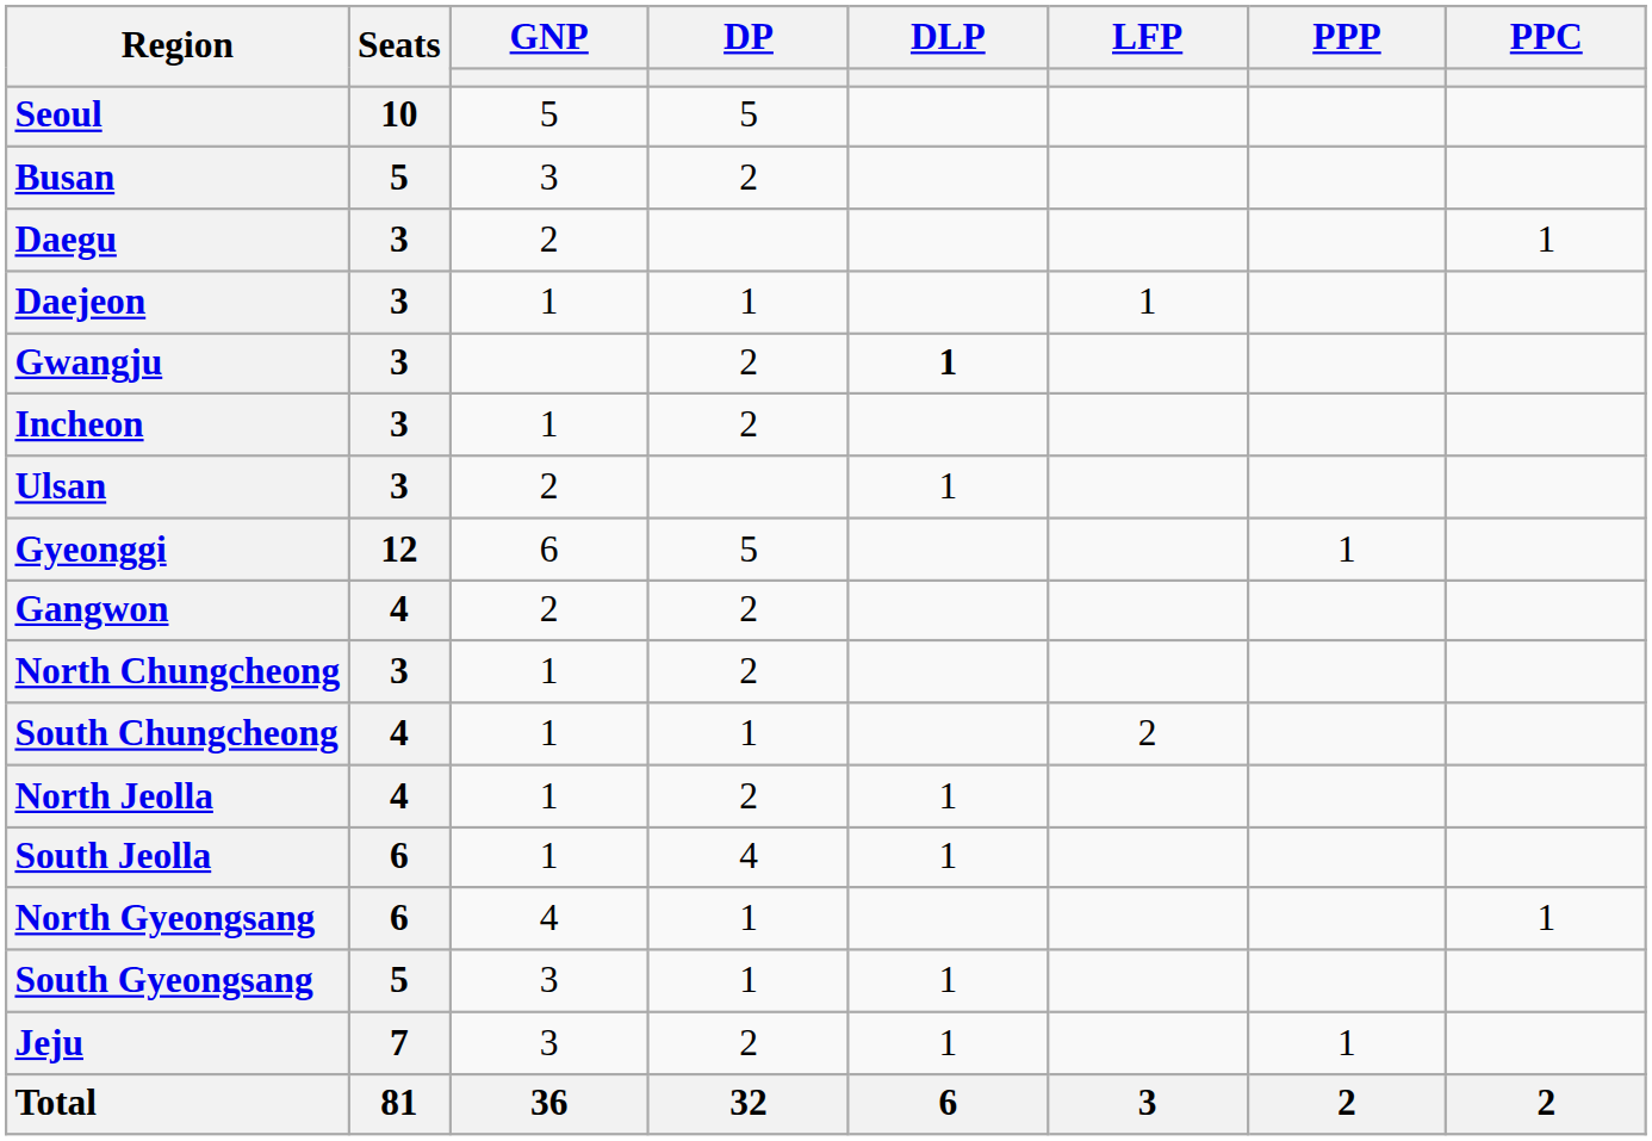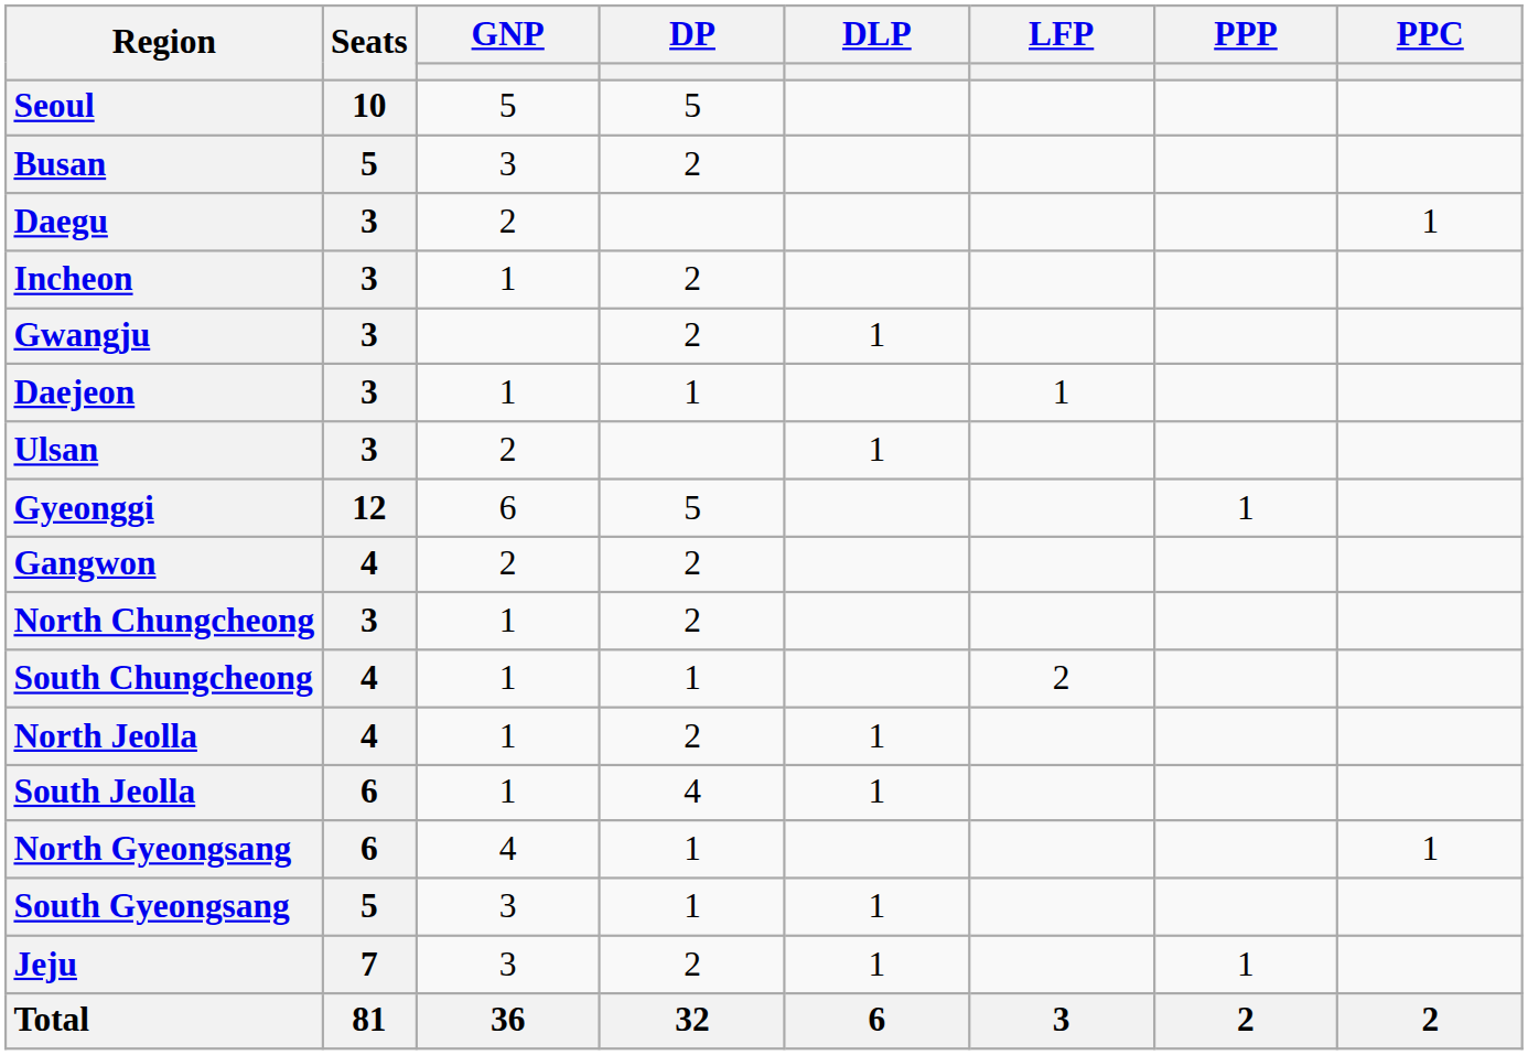 <table class="wikitable" style="text-align:center; font-size: 0.9em;">
 <tr>
 <th rowspan="2">Region</th>
 <th rowspan="2">Seats</th>
 <th class="unsortable" style="width:70px;"><a href='#'>GNP</a></th>
 <th class="unsortable" style="width:70px;"><a href='#'>DP</a></th>
 <th class="unsortable" style="width:70px;"><a href='#'>DLP</a></th>
 <th class="unsortable" style="width:70px;"><a href='#'>LFP</a></th>
 <th class="unsortable" style="width:70px;"><a href='#'>PPP</a></th>
 <th class="unsortable" style="width:70px;"><a href='#'>PPC</a></th>
 </tr>
 <tr>
 <th style="background:"></th>
 <th style="background:"></th>
 <th style="background:"></th>
 <th style="background:"></th>
 <th style="background:"></th>
 <th style="background:"></th>
 </tr>
 <tr>
 <th style="text-align: left;"><a href='#'>Seoul</a></th>
 <th>10</th>
 <td>5</td>
 <td>5</td>
 <td></td>
 <td></td>
 <td></td>
 <td></td>
 </tr>
 <tr>
 <th style="text-align: left;"><a href='#'>Busan</a></th>
 <th>5</th>
 <td>3</td>
 <td>2</td>
 <td></td>
 <td></td>
 <td></td>
 <td></td>
 </tr>
 <tr>
 <th style="text-align: left;"><a href='#'>Daegu</a></th>
 <th>3</th>
 <td>2</td>
 <td></td>
 <td></td>
 <td></td>
 <td></td>
 <td>1</td>
 </tr>
 <tr>
-<th style="text-align: left;"><a href='#'>Daejeon</a></th>
+<th style="text-align: left;"><a href='#'>Incheon</a></th>
 <th>3</th>
 <td>1</td>
-<td>1</td>
+<td>2</td>
 <td></td>
-<td>1</td>
+<td></td>
 <td></td>
 <td></td>
 </tr>
 <tr>
 <th style="text-align: left;"><a href='#'>Gwangju</a></th>
 <th>3</th>
 <td></td>
 <td>2</td>
-<td><strong>1</strong></td>
+<td>1</td>
 <td></td>
 <td></td>
 <td></td>
 </tr>
 <tr>
-<th style="text-align: left;"><a href='#'>Incheon</a></th>
+<th style="text-align: left;"><a href='#'>Daejeon</a></th>
 <th>3</th>
 <td>1</td>
-<td>2</td>
+<td>1</td>
 <td></td>
-<td></td>
+<td>1</td>
 <td></td>
 <td></td>
 </tr>
 <tr>
 <th style="text-align: left;"><a href='#'>Ulsan</a></th>
 <th>3</th>
 <td>2</td>
 <td></td>
 <td>1</td>
 <td></td>
 <td></td>
 <td></td>
 </tr>
 <tr>
 <th style="text-align: left;"><a href='#'>Gyeonggi</a></th>
 <th>12</th>
 <td>6</td>
 <td>5</td>
 <td></td>
 <td></td>
 <td>1</td>
 <td></td>
 </tr>
 <tr>
 <th style="text-align: left;"><a href='#'>Gangwon</a></th>
 <th>4</th>
 <td>2</td>
 <td>2</td>
 <td></td>
 <td></td>
 <td></td>
 <td></td>
 </tr>
 <tr>
 <th style="text-align: left;"><a href='#'>North Chungcheong</a></th>
 <th>3</th>
 <td>1</td>
 <td>2</td>
 <td></td>
 <td></td>
 <td></td>
 <td></td>
 </tr>
 <tr>
 <th style="text-align: left;"><a href='#'>South Chungcheong</a></th>
 <th>4</th>
 <td>1</td>
 <td>1</td>
 <td></td>
 <td>2</td>
 <td></td>
 <td></td>
 </tr>
 <tr>
 <th style="text-align: left;"><a href='#'>North Jeolla</a></th>
 <th>4</th>
 <td>1</td>
 <td>2</td>
 <td>1</td>
 <td></td>
 <td></td>
 <td></td>
 </tr>
 <tr>
 <th style="text-align: left;"><a href='#'>South Jeolla</a></th>
 <th>6</th>
 <td>1</td>
 <td>4</td>
 <td>1</td>
 <td></td>
 <td></td>
 <td></td>
 </tr>
 <tr>
 <th style="text-align: left;"><a href='#'>North Gyeongsang</a></th>
 <th>6</th>
 <td>4</td>
 <td>1</td>
 <td></td>
 <td></td>
 <td></td>
 <td>1</td>
 </tr>
 <tr>
 <th style="text-align: left;"><a href='#'>South Gyeongsang</a></th>
 <th>5</th>
 <td>3</td>
 <td>1</td>
 <td>1</td>
 <td></td>
 <td></td>
 <td></td>
 </tr>
 <tr>
 <th style="text-align: left;"><a href='#'>Jeju</a></th>
 <th>7</th>
 <td>3</td>
 <td>2</td>
 <td>1</td>
 <td></td>
 <td>1</td>
 <td></td>
 </tr>
 <tr class="sortbottom">
 <th style="text-align: left;">Total</th>
 <th>81</th>
 <th>36</th>
 <th>32</th>
 <th>6</th>
 <th>3</th>
 <th>2</th>
 <th>2</th>
 </tr>
 </table>
